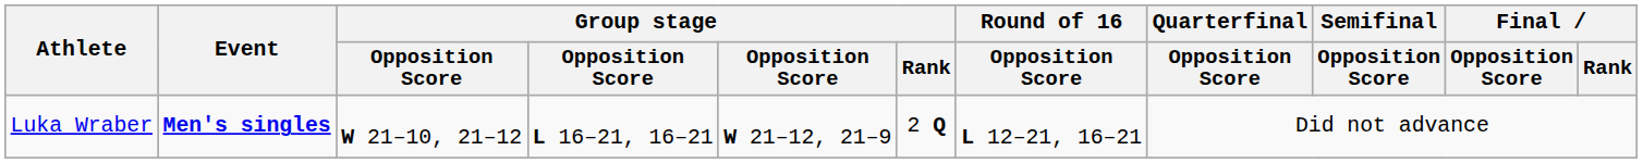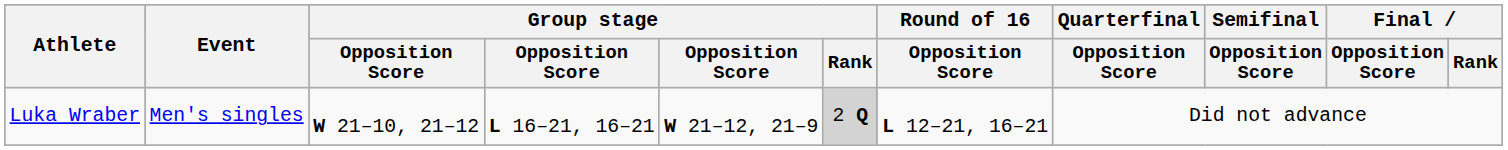 <table class=wikitable style="font-size:90%">
 <tr>
 <th rowspan="2">Athlete</th>
 <th rowspan="2">Event</th>
 <th colspan="4">Group stage</th>
 <th>Round of 16</th>
 <th>Quarterfinal</th>
 <th>Semifinal</th>
 <th colspan=2>Final / </th>
 </tr>
 <tr style="font-size:95%">
 <th>Opposition<br>Score</th>
 <th>Opposition<br>Score</th>
 <th>Opposition<br>Score</th>
 <th>Rank</th>
 <th>Opposition<br>Score</th>
 <th>Opposition<br>Score</th>
 <th>Opposition<br>Score</th>
 <th>Opposition<br>Score</th>
 <th>Rank</th>
 </tr>
 <tr align=center>
 <td align=left><a href='#'>Luka Wraber</a></td>
-<td align=left><strong><a href='#'>Men's singles</a></strong></td>
+<td align=left><a href='#'>Men's singles</a></td>
 <td><br><strong>W</strong> 21–10, 21–12</td>
 <td><br><strong>L</strong> 16–21, 16–21</td>
 <td><br><strong>W</strong> 21–12, 21–9</td>
-<td>2 <strong>Q</strong></td>
+<td style="background: lightgrey;">2 <strong>Q</strong></td>
 <td><br><strong>L</strong> 12–21, 16–21</td>
 <td colspan=4>Did not advance</td>
 </tr>
 </table>
